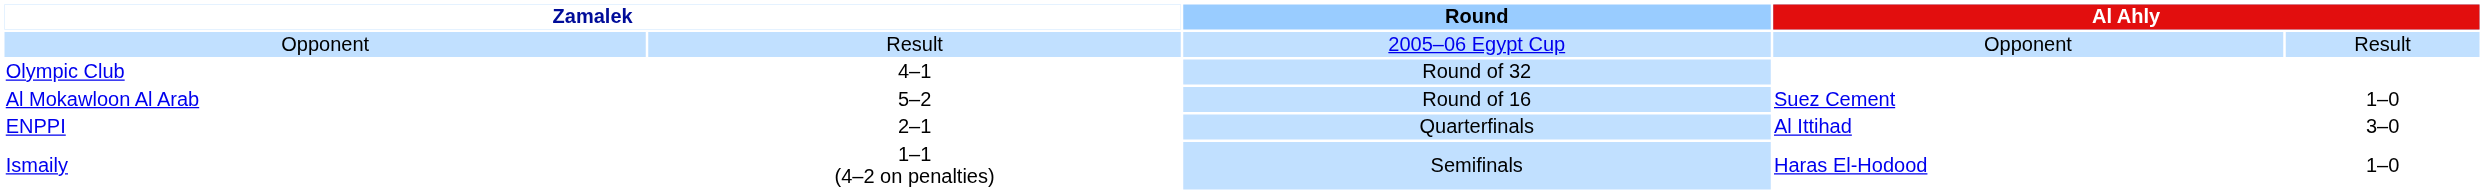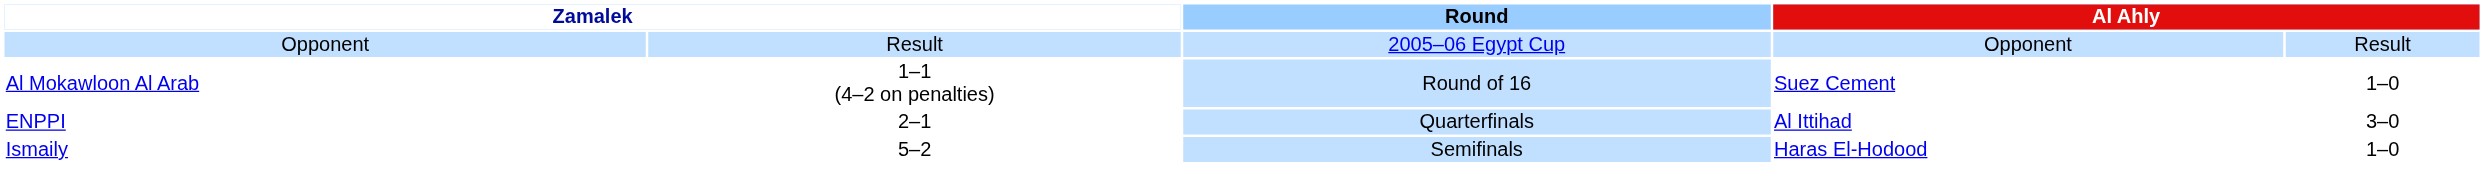 <table style="width:100%; text-align:center;">
 <tr style="vertical-align:top; background:#9cf;">
 <th colspan=2 style="color:#000c99; background-color:#fff;">Zamalek</th>
 <th><strong>Round</strong></th>
 <th colspan=2 style="background:#E20E0E; color:#FFFFFF">Al Ahly</th>
 </tr>
 <tr style="vertical-align:top; background:#c1e0ff;">
 <td>Opponent</td>
 <td>Result</td>
 <td><a href='#'>2005–06 Egypt Cup</a></td>
 <td>Opponent</td>
 <td>Result</td>
 </tr>
 <tr>
-<td align=left><a href='#'>Olympic Club</a></td>
-<td>4–1</td>
-<td style="background:#c1e0ff;">Round of 32</td>
-<td></td>
-<td></td>
-</tr>
-<tr>
 <td align=left><a href='#'>Al Mokawloon Al Arab</a></td>
-<td>5–2</td>
+<td>1–1 <br>(4–2 on penalties)</td>
 <td style="background:#c1e0ff;">Round of 16</td>
 <td align=left><a href='#'>Suez Cement</a></td>
 <td>1–0</td>
 </tr>
 <tr>
 <td align=left><a href='#'>ENPPI</a></td>
 <td>2–1</td>
 <td style="background:#c1e0ff;">Quarterfinals</td>
 <td align=left><a href='#'>Al Ittihad</a></td>
 <td>3–0</td>
 </tr>
 <tr>
 <td align=left><a href='#'>Ismaily</a></td>
-<td>1–1 <br>(4–2 on penalties)</td>
+<td>5–2</td>
 <td style="background:#c1e0ff;">Semifinals</td>
 <td align=left><a href='#'>Haras El-Hodood</a></td>
 <td>1–0</td>
 </tr>
 </table>
